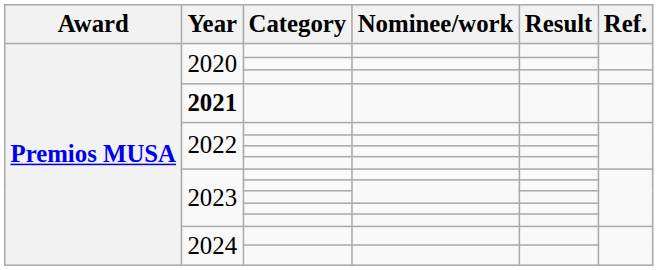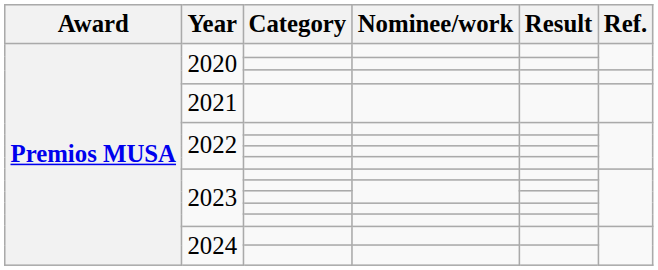 <table class="wikitable plainrowheaders">
 <tr>
 <th>Award</th>
 <th>Year</th>
 <th>Category</th>
 <th>Nominee/work</th>
 <th>Result</th>
 <th>Ref.</th>
 </tr>
 <tr>
 <th rowspan="15" scope="row"><a href='#'>Premios MUSA</a></th>
 <td rowspan="3">2020</td>
 <td></td>
 <td></td>
 <td></td>
 <td rowspan="2"></td>
 </tr>
 <tr>
 <td></td>
 <td></td>
 <td></td>
 </tr>
 <tr>
 <td></td>
 <td></td>
 <td></td>
 <td></td>
 </tr>
 <tr>
-<td><strong>2021</strong></td>
+<td>2021</td>
 <td></td>
 <td></td>
 <td></td>
 <td></td>
 </tr>
 <tr>
 <td rowspan="4">2022</td>
 <td></td>
 <td></td>
 <td></td>
 <td rowspan="4"></td>
 </tr>
 <tr>
 <td></td>
 <td></td>
 <td></td>
 </tr>
 <tr>
 <td></td>
 <td></td>
 <td></td>
 </tr>
 <tr>
 <td></td>
 <td></td>
 <td></td>
 </tr>
 <tr>
 <td rowspan="5">2023</td>
 <td></td>
 <td></td>
 <td></td>
 <td rowspan="5"></td>
 </tr>
 <tr>
 <td></td>
 <td rowspan="2"></td>
 <td></td>
 </tr>
 <tr>
 <td></td>
 <td></td>
 </tr>
 <tr>
 <td></td>
 <td></td>
 <td></td>
 </tr>
 <tr>
 <td></td>
 <td></td>
 <td></td>
 </tr>
 <tr>
 <td rowspan="2">2024</td>
 <td></td>
 <td></td>
 <td></td>
 <td rowspan="2"></td>
 </tr>
 <tr>
 <td></td>
 <td></td>
 <td></td>
 </tr>
 </table>
